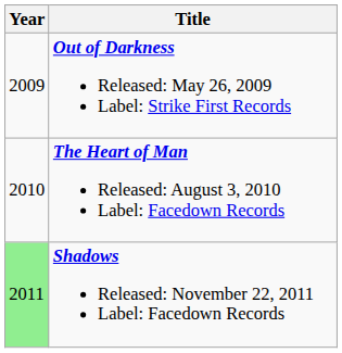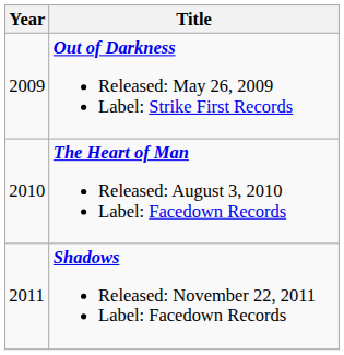 <table class="wikitable">
 <tr>
 <th>Year</th>
 <th width="250">Title</th>
 </tr>
 <tr>
 <td>2009</td>
 <td><strong><em><a href='#'>Out of Darkness</a></em></strong><br><ul><li>Released: May 26, 2009</li><li>Label: <a href='#'>Strike First Records</a></li></ul></td>
 </tr>
 <tr>
 <td>2010</td>
 <td><strong><em><a href='#'>The Heart of Man</a></em></strong><br><ul><li>Released: August 3, 2010</li><li>Label: <a href='#'>Facedown Records</a></li></ul></td>
 </tr>
 <tr>
-<td style="background: lightgreen;">2011</td>
+<td>2011</td>
 <td><strong><em><a href='#'>Shadows</a></em></strong><br><ul><li>Released: November 22, 2011</li><li>Label: Facedown Records</li></ul></td>
 </tr>
 </table>
